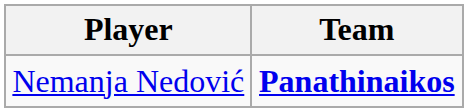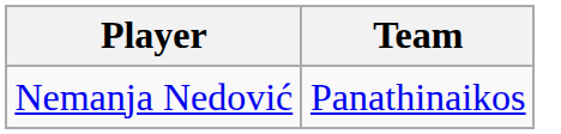 <table class="wikitable">
 <tr>
 <th>Player</th>
 <th>Team</th>
 </tr>
 <tr>
 <td> <a href='#'>Nemanja Nedović</a></td>
-<td><strong><a href='#'>Panathinaikos</a></strong></td>
+<td><a href='#'>Panathinaikos</a></td>
 </tr>
 </table>
